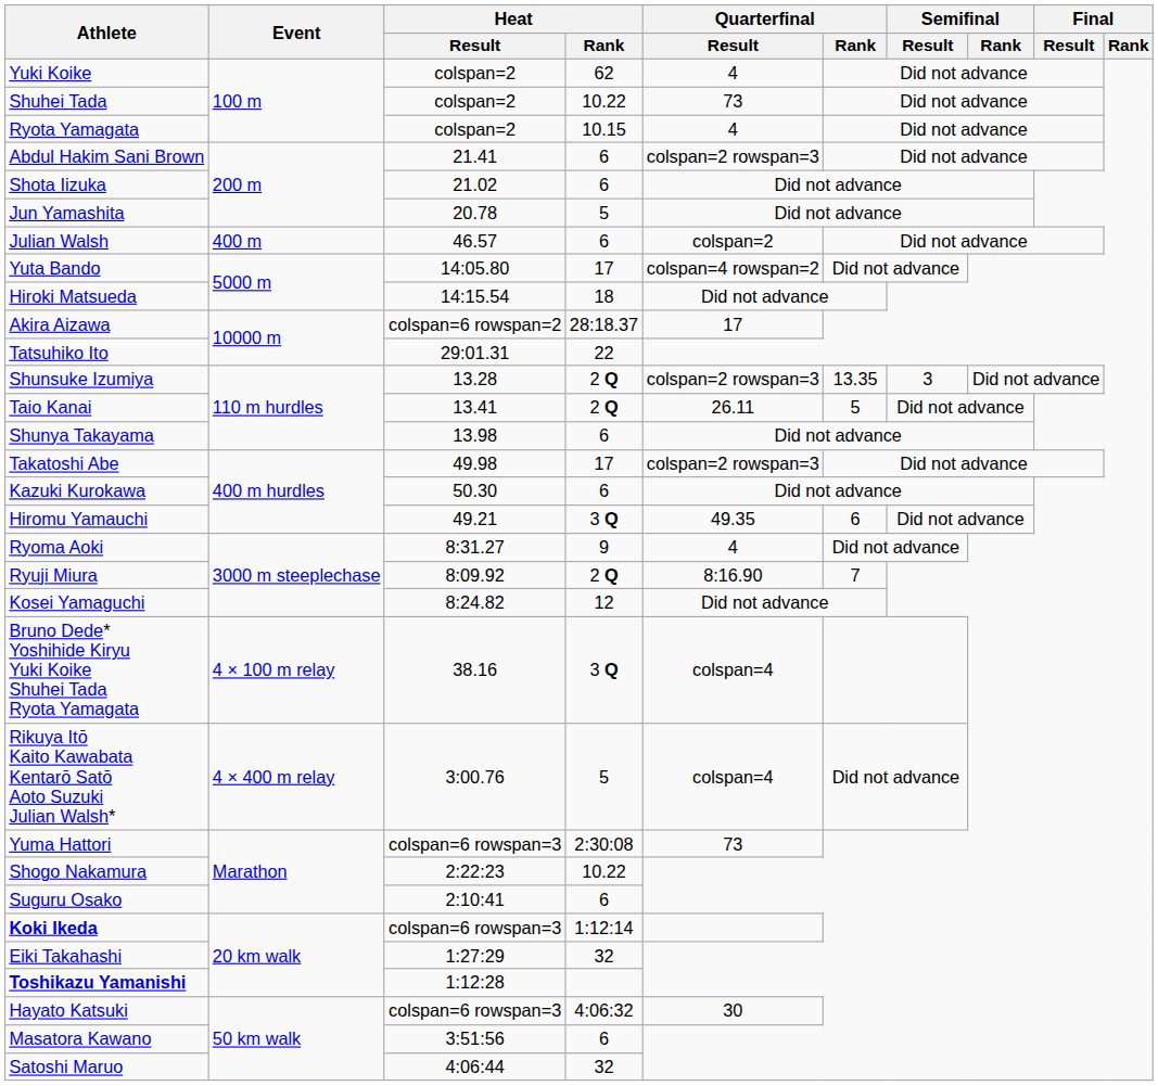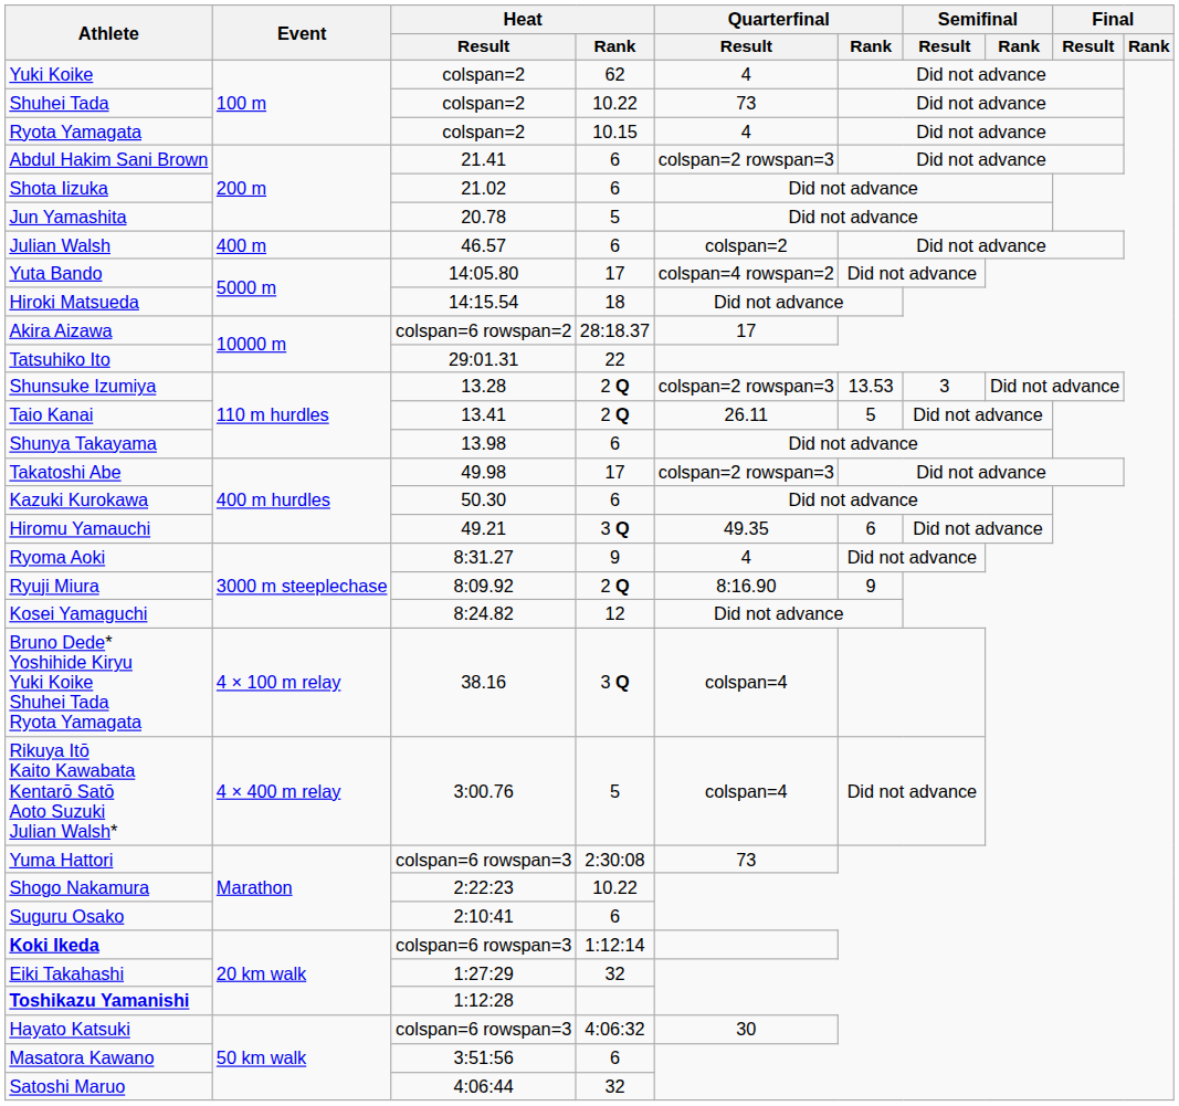 <table class="wikitable" style="font-size:90%">
 <tr>
 <th rowspan="2">Athlete</th>
 <th rowspan="2">Event</th>
 <th colspan="2">Heat</th>
 <th colspan="2">Quarterfinal</th>
 <th colspan="2">Semifinal</th>
 <th colspan="2">Final</th>
 </tr>
 <tr style="font-size:95%">
 <th>Result</th>
 <th>Rank</th>
 <th>Result</th>
 <th>Rank</th>
 <th>Result</th>
 <th>Rank</th>
 <th>Result</th>
 <th>Rank</th>
 </tr>
 <tr align=center>
 <td align=left><a href='#'>Yuki Koike</a></td>
 <td align=left rowspan=3><a href='#'>100 m</a></td>
 <td>colspan=2 </td>
 <td>62</td>
 <td>4</td>
 <td colspan="4">Did not advance</td>
 </tr>
 <tr align=center>
 <td align=left><a href='#'>Shuhei Tada</a></td>
 <td>colspan=2 </td>
 <td>10.22</td>
 <td>73</td>
 <td colspan="4">Did not advance</td>
 </tr>
 <tr align=center>
 <td align=left><a href='#'>Ryota Yamagata</a></td>
 <td>colspan=2 </td>
 <td>10.15</td>
 <td>4</td>
 <td colspan="4">Did not advance</td>
 </tr>
 <tr align=center>
 <td align=left><a href='#'>Abdul Hakim Sani Brown</a></td>
 <td align=left rowspan=3><a href='#'>200 m</a></td>
 <td>21.41</td>
 <td>6</td>
 <td>colspan=2 rowspan=3 </td>
 <td colspan="4">Did not advance</td>
 </tr>
 <tr align=center>
 <td align=left><a href='#'>Shota Iizuka</a></td>
 <td>21.02</td>
 <td>6</td>
 <td colspan="4">Did not advance</td>
 </tr>
 <tr align=center>
 <td align=left><a href='#'>Jun Yamashita</a></td>
 <td>20.78</td>
 <td>5</td>
 <td colspan="4">Did not advance</td>
 </tr>
 <tr align=center>
 <td align=left><a href='#'>Julian Walsh</a></td>
 <td align=left><a href='#'>400 m</a></td>
 <td>46.57</td>
 <td>6</td>
 <td>colspan=2 </td>
 <td colspan="4">Did not advance</td>
 </tr>
 <tr align=center>
 <td align=left><a href='#'>Yuta Bando</a></td>
 <td align=left rowspan=2><a href='#'>5000 m</a></td>
 <td>14:05.80</td>
 <td>17</td>
 <td>colspan=4 rowspan=2 </td>
 <td colspan="2">Did not advance</td>
 </tr>
 <tr align=center>
 <td align=left><a href='#'>Hiroki Matsueda</a></td>
 <td>14:15.54</td>
 <td>18</td>
 <td colspan="2">Did not advance</td>
 </tr>
 <tr align=center>
 <td align=left><a href='#'>Akira Aizawa</a></td>
 <td align=left rowspan=2><a href='#'>10000 m</a></td>
 <td>colspan=6 rowspan=2 </td>
 <td>28:18.37</td>
 <td>17</td>
 </tr>
 <tr align=center>
 <td align=left><a href='#'>Tatsuhiko Ito</a></td>
 <td>29:01.31</td>
 <td>22</td>
 </tr>
 <tr align=center>
 <td align=left><a href='#'>Shunsuke Izumiya</a></td>
 <td align=left rowspan=3><a href='#'>110 m hurdles</a></td>
 <td>13.28</td>
 <td>2 <strong>Q</strong></td>
 <td>colspan=2 rowspan=3 </td>
-<td>13.35</td>
+<td>13.53</td>
 <td>3</td>
 <td colspan="2">Did not advance</td>
 </tr>
 <tr align=center>
 <td align=left><a href='#'>Taio Kanai</a></td>
 <td>13.41</td>
 <td>2 <strong>Q</strong></td>
 <td>26.11</td>
 <td>5</td>
 <td colspan="2">Did not advance</td>
 </tr>
 <tr align=center>
 <td align=left><a href='#'>Shunya Takayama</a></td>
 <td>13.98</td>
 <td>6</td>
 <td colspan="4">Did not advance</td>
 </tr>
 <tr align=center>
 <td align=left><a href='#'>Takatoshi Abe</a></td>
 <td align=left rowspan=3><a href='#'>400 m hurdles</a></td>
 <td>49.98</td>
 <td>17</td>
 <td>colspan=2 rowspan=3 </td>
 <td colspan="4">Did not advance</td>
 </tr>
 <tr align=center>
 <td align=left><a href='#'>Kazuki Kurokawa</a></td>
 <td>50.30</td>
 <td>6</td>
 <td colspan="4">Did not advance</td>
 </tr>
 <tr align=center>
 <td align=left><a href='#'>Hiromu Yamauchi</a></td>
 <td>49.21</td>
 <td>3 <strong>Q</strong></td>
 <td>49.35</td>
 <td>6</td>
 <td colspan="2">Did not advance</td>
 </tr>
 <tr align=center>
 <td align=left><a href='#'>Ryoma Aoki</a></td>
 <td align=left rowspan=3><a href='#'>3000 m steeplechase</a></td>
 <td>8:31.27</td>
 <td>9</td>
 <td>4</td>
 <td colspan="2">Did not advance</td>
 </tr>
 <tr align=center>
 <td align=left><a href='#'>Ryuji Miura</a></td>
 <td>8:09.92</td>
 <td>2 <strong>Q</strong></td>
 <td>8:16.90</td>
-<td>7</td>
+<td>9</td>
 </tr>
 <tr align=center>
 <td align=left><a href='#'>Kosei Yamaguchi</a></td>
 <td>8:24.82</td>
 <td>12</td>
 <td colspan="2">Did not advance</td>
 </tr>
 <tr align=center>
 <td align=left><a href='#'>Bruno Dede</a>*<br><a href='#'>Yoshihide Kiryu</a><br><a href='#'>Yuki Koike</a><br><a href='#'>Shuhei Tada</a><br><a href='#'>Ryota Yamagata</a></td>
 <td align=left><a href='#'>4 × 100 m relay</a></td>
 <td>38.16</td>
 <td>3 <strong>Q</strong></td>
 <td>colspan=4 </td>
 <td colspan="2"></td>
 </tr>
 <tr align=center>
 <td align=left><a href='#'>Rikuya Itō</a><br><a href='#'>Kaito Kawabata</a><br><a href='#'>Kentarō Satō</a><br><a href='#'>Aoto Suzuki</a><br><a href='#'>Julian Walsh</a>*</td>
 <td align=left><a href='#'>4 × 400 m relay</a></td>
 <td>3:00.76</td>
 <td>5</td>
 <td>colspan=4 </td>
 <td colspan="2">Did not advance</td>
 </tr>
 <tr align=center>
 <td align=left><a href='#'>Yuma Hattori</a></td>
 <td align=left rowspan=3><a href='#'>Marathon</a></td>
 <td>colspan=6 rowspan=3 </td>
 <td>2:30:08</td>
 <td>73</td>
 </tr>
 <tr align=center>
 <td align=left><a href='#'>Shogo Nakamura</a></td>
 <td>2:22:23</td>
 <td>10.22</td>
 </tr>
 <tr align=center>
 <td align=left><a href='#'>Suguru Osako</a></td>
 <td>2:10:41</td>
 <td>6</td>
 </tr>
 <tr align=center>
 <td align=left><strong><a href='#'>Koki Ikeda</a></strong></td>
 <td align=left rowspan=3><a href='#'>20 km walk</a></td>
 <td>colspan=6 rowspan=3 </td>
 <td>1:12:14</td>
 <td></td>
 </tr>
 <tr align=center>
 <td align=left><a href='#'>Eiki Takahashi</a></td>
 <td>1:27:29</td>
 <td>32</td>
 </tr>
 <tr align=center>
 <td align=left><strong><a href='#'>Toshikazu Yamanishi</a></strong></td>
 <td>1:12:28</td>
 <td></td>
 </tr>
 <tr align=center>
 <td align=left><a href='#'>Hayato Katsuki</a></td>
 <td align=left rowspan=3><a href='#'>50 km walk</a></td>
 <td>colspan=6 rowspan=3 </td>
 <td>4:06:32</td>
 <td>30</td>
 </tr>
 <tr align=center>
 <td align=left><a href='#'>Masatora Kawano</a></td>
 <td>3:51:56</td>
 <td>6</td>
 </tr>
 <tr align=center>
 <td align=left><a href='#'>Satoshi Maruo</a></td>
 <td>4:06:44</td>
 <td>32</td>
 </tr>
 </table>
